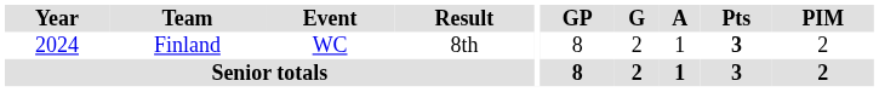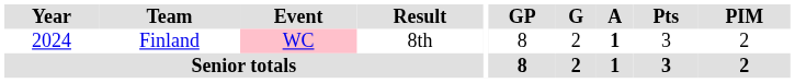 <table border="0" cellpadding="1" cellspacing="0" ID="Table3" style="text-align:center; width:40em;">
 <tr bgcolor="#e0e0e0">
 <th>Year</th>
 <th>Team</th>
 <th>Event</th>
 <th>Result</th>
 <th rowspan="99" bgcolor="#ffffff"></th>
 <th>GP</th>
 <th>G</th>
 <th>A</th>
 <th>Pts</th>
 <th>PIM</th>
 </tr>
 <tr>
 <td><a href='#'>2024</a></td>
 <td><a href='#'>Finland</a></td>
-<td><a href='#'>WC</a></td>
+<td style="background: pink;"><a href='#'>WC</a></td>
 <td>8th</td>
 <td>8</td>
 <td>2</td>
-<td>1</td>
-<td><strong>3</strong></td>
+<td><strong>1</strong></td>
+<td>3</td>
 <td>2</td>
 </tr>
 <tr bgcolor="#e0e0e0">
 <th colspan="4">Senior totals</th>
 <th>8</th>
 <th>2</th>
 <th>1</th>
 <th>3</th>
 <th>2</th>
 </tr>
 </table>
